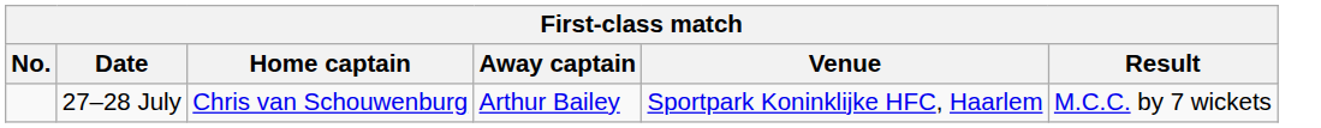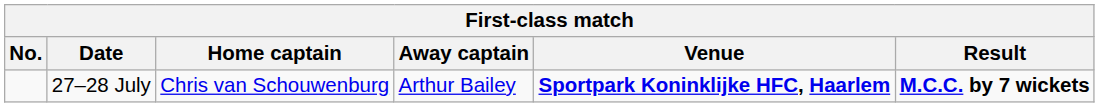 <table class="wikitable">
 <tr>
 <th colspan="9">First-class match</th>
 </tr>
 <tr>
 <th>No.</th>
 <th>Date</th>
 <th>Home captain</th>
 <th>Away captain</th>
 <th>Venue</th>
 <th>Result</th>
 </tr>
 <tr>
 <td></td>
 <td>27–28 July</td>
 <td><a href='#'>Chris van Schouwenburg</a></td>
 <td><a href='#'>Arthur Bailey</a></td>
-<td><a href='#'>Sportpark Koninklijke HFC</a>, <a href='#'>Haarlem</a></td>
-<td><a href='#'>M.C.C.</a> by 7 wickets</td>
+<td><strong><a href='#'>Sportpark Koninklijke HFC</a>, <a href='#'>Haarlem</a></strong></td>
+<td><strong><a href='#'>M.C.C.</a> by 7 wickets</strong></td>
 </tr>
 </table>
